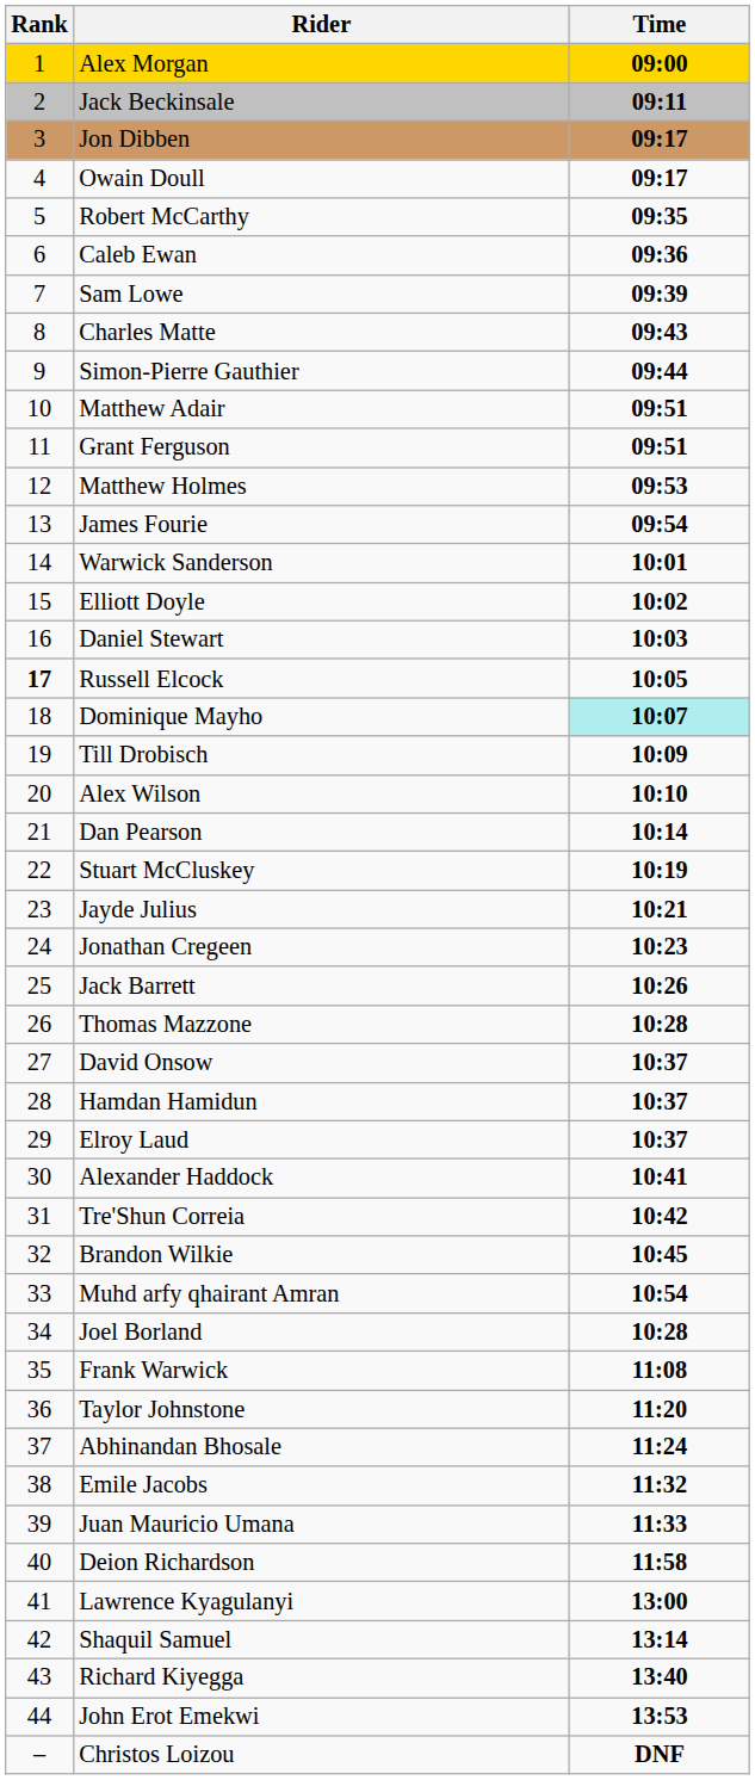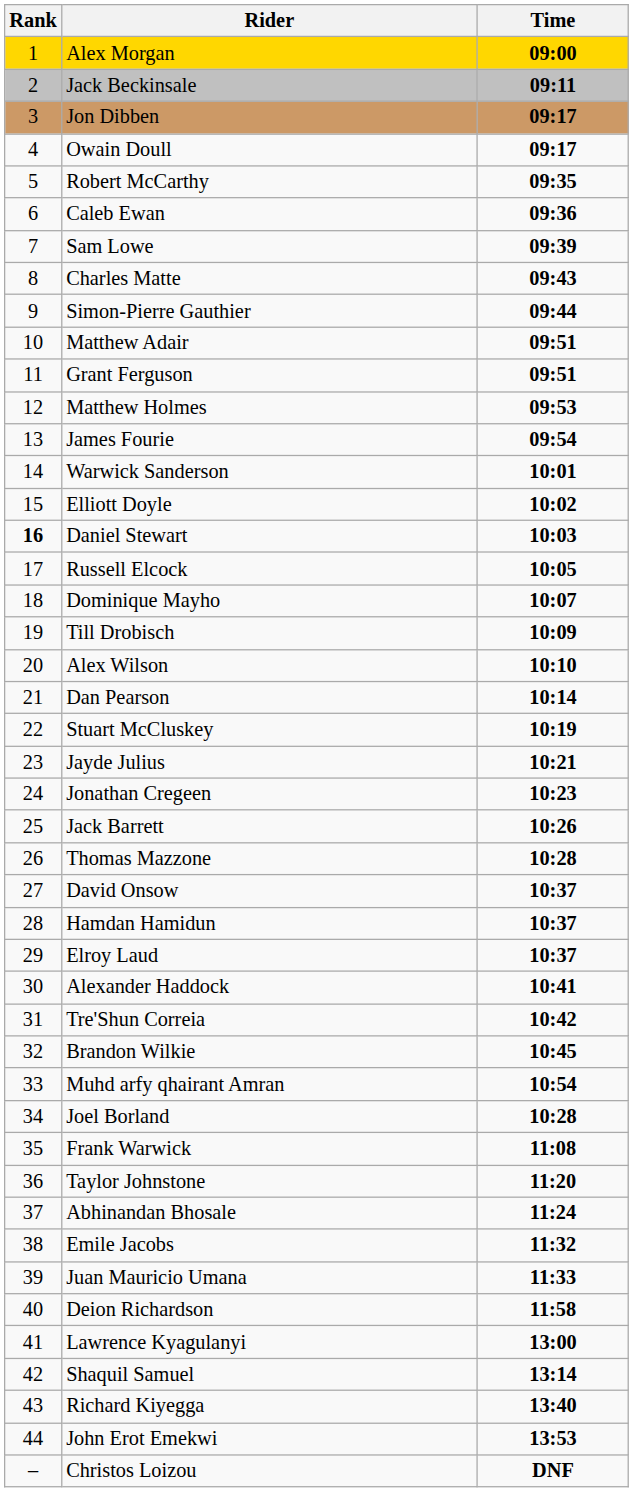 <table class="wikitable" style="text-align:center;">
 <tr>
 <th>Rank</th>
 <th style="width:20em;">Rider</th>
 <th style="width:7em;">Time</th>
 </tr>
 <tr bgcolor=gold>
 <td>1</td>
 <td align=left> Alex Morgan</td>
 <td><strong>09:00</strong></td>
 </tr>
 <tr bgcolor=silver>
 <td>2</td>
 <td align=left> Jack Beckinsale</td>
 <td><strong>09:11</strong></td>
 </tr>
 <tr bgcolor=cc9966>
 <td>3</td>
 <td align=left> Jon Dibben</td>
 <td><strong>09:17</strong></td>
 </tr>
 <tr>
 <td>4</td>
 <td align=left> Owain Doull</td>
 <td><strong>09:17</strong></td>
 </tr>
 <tr>
 <td>5</td>
 <td align=left> Robert McCarthy</td>
 <td><strong>09:35</strong></td>
 </tr>
 <tr>
 <td>6</td>
 <td align=left> Caleb Ewan</td>
 <td><strong>09:36</strong></td>
 </tr>
 <tr>
 <td>7</td>
 <td align=left> Sam Lowe</td>
 <td><strong>09:39</strong></td>
 </tr>
 <tr>
 <td>8</td>
 <td align=left> Charles Matte</td>
 <td><strong>09:43</strong></td>
 </tr>
 <tr>
 <td>9</td>
 <td align=left> Simon-Pierre Gauthier</td>
 <td><strong>09:44</strong></td>
 </tr>
 <tr>
 <td>10</td>
 <td align=left> Matthew Adair</td>
 <td><strong>09:51</strong></td>
 </tr>
 <tr>
 <td>11</td>
 <td align=left> Grant Ferguson</td>
 <td><strong>09:51</strong></td>
 </tr>
 <tr>
 <td>12</td>
 <td align=left> Matthew Holmes</td>
 <td><strong>09:53</strong></td>
 </tr>
 <tr>
 <td>13</td>
 <td align=left> James Fourie</td>
 <td><strong>09:54</strong></td>
 </tr>
 <tr>
 <td>14</td>
 <td align=left> Warwick Sanderson</td>
 <td><strong>10:01</strong></td>
 </tr>
 <tr>
 <td>15</td>
 <td align=left> Elliott Doyle</td>
 <td><strong>10:02</strong></td>
 </tr>
 <tr>
-<td>16</td>
+<td><strong>16</strong></td>
 <td align=left> Daniel Stewart</td>
 <td><strong>10:03</strong></td>
 </tr>
 <tr>
-<td><strong>17</strong></td>
+<td>17</td>
 <td align=left> Russell Elcock</td>
 <td><strong>10:05</strong></td>
 </tr>
 <tr>
 <td>18</td>
 <td align=left> Dominique Mayho</td>
-<td style="background: paleturquoise;"><strong>10:07</strong></td>
+<td><strong>10:07</strong></td>
 </tr>
 <tr>
 <td>19</td>
 <td align=left> Till Drobisch</td>
 <td><strong>10:09</strong></td>
 </tr>
 <tr>
 <td>20</td>
 <td align=left> Alex Wilson</td>
 <td><strong>10:10</strong></td>
 </tr>
 <tr>
 <td>21</td>
 <td align=left> Dan Pearson</td>
 <td><strong>10:14</strong></td>
 </tr>
 <tr>
 <td>22</td>
 <td align=left> Stuart McCluskey</td>
 <td><strong>10:19</strong></td>
 </tr>
 <tr>
 <td>23</td>
 <td align=left> Jayde Julius</td>
 <td><strong>10:21</strong></td>
 </tr>
 <tr>
 <td>24</td>
 <td align=left> Jonathan Cregeen</td>
 <td><strong>10:23</strong></td>
 </tr>
 <tr>
 <td>25</td>
 <td align=left> Jack Barrett</td>
 <td><strong>10:26</strong></td>
 </tr>
 <tr>
 <td>26</td>
 <td align=left> Thomas Mazzone</td>
 <td><strong>10:28</strong></td>
 </tr>
 <tr>
 <td>27</td>
 <td align=left> David Onsow</td>
 <td><strong>10:37</strong></td>
 </tr>
 <tr>
 <td>28</td>
 <td align=left> Hamdan Hamidun</td>
 <td><strong>10:37</strong></td>
 </tr>
 <tr>
 <td>29</td>
 <td align=left> Elroy Laud</td>
 <td><strong>10:37</strong></td>
 </tr>
 <tr>
 <td>30</td>
 <td align=left> Alexander Haddock</td>
 <td><strong>10:41</strong></td>
 </tr>
 <tr>
 <td>31</td>
 <td align=left> Tre'Shun Correia</td>
 <td><strong>10:42</strong></td>
 </tr>
 <tr>
 <td>32</td>
 <td align=left> Brandon Wilkie</td>
 <td><strong>10:45</strong></td>
 </tr>
 <tr>
 <td>33</td>
 <td align=left> Muhd arfy qhairant Amran</td>
 <td><strong>10:54</strong></td>
 </tr>
 <tr>
 <td>34</td>
 <td align=left> Joel Borland</td>
 <td><strong>10:28</strong></td>
 </tr>
 <tr>
 <td>35</td>
 <td align=left> Frank Warwick</td>
 <td><strong>11:08</strong></td>
 </tr>
 <tr>
 <td>36</td>
 <td align=left> Taylor Johnstone</td>
 <td><strong>11:20</strong></td>
 </tr>
 <tr>
 <td>37</td>
 <td align=left> Abhinandan Bhosale</td>
 <td><strong>11:24</strong></td>
 </tr>
 <tr>
 <td>38</td>
 <td align=left> Emile Jacobs</td>
 <td><strong>11:32</strong></td>
 </tr>
 <tr>
 <td>39</td>
 <td align=left> Juan Mauricio Umana</td>
 <td><strong>11:33</strong></td>
 </tr>
 <tr>
 <td>40</td>
 <td align=left> Deion Richardson</td>
 <td><strong>11:58</strong></td>
 </tr>
 <tr>
 <td>41</td>
 <td align=left> Lawrence Kyagulanyi</td>
 <td><strong>13:00</strong></td>
 </tr>
 <tr>
 <td>42</td>
 <td align=left> Shaquil Samuel</td>
 <td><strong>13:14</strong></td>
 </tr>
 <tr>
 <td>43</td>
 <td align=left> Richard Kiyegga</td>
 <td><strong>13:40</strong></td>
 </tr>
 <tr>
 <td>44</td>
 <td align=left> John Erot Emekwi</td>
 <td><strong>13:53</strong></td>
 </tr>
 <tr>
 <td>–</td>
 <td align=left> Christos Loizou</td>
 <td><strong>DNF</strong></td>
 </tr>
 </table>
